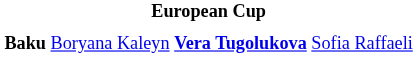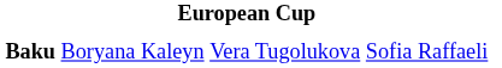 <table>
 <tr>
 <td colspan="4" style="text-align:center;"><strong>European Cup</strong></td>
 </tr>
 <tr>
 <th scope=row style="text-align:left">Baku</th>
 <td style="height:30px;"> <a href='#'>Boryana Kaleyn</a></td>
-<td style="height:30px;"><strong> <a href='#'>Vera Tugolukova</a></strong></td>
+<td style="height:30px;"> <a href='#'>Vera Tugolukova</a></td>
 <td style="height:30px;"> <a href='#'>Sofia Raffaeli</a></td>
 </tr>
 <tr>
 </tr>
 </table>
